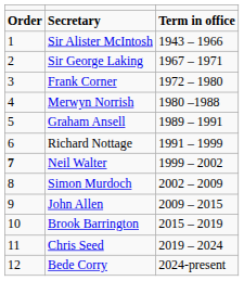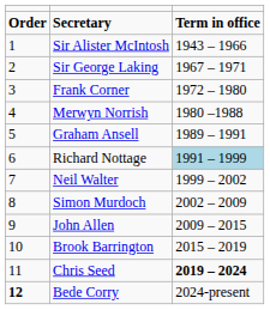 <table class="wikitable">
 <tr>
 <td></td>
 <td></td>
 <td></td>
 </tr>
 <tr>
 <td><strong>Order</strong></td>
 <td><strong>Secretary</strong></td>
 <td><strong>Term in office</strong></td>
 </tr>
 <tr>
 <td>1</td>
 <td><a href='#'>Sir Alister McIntosh</a></td>
 <td>1943 – 1966</td>
 </tr>
 <tr>
 <td>2</td>
 <td><a href='#'>Sir George Laking</a></td>
 <td>1967 – 1971</td>
 </tr>
 <tr>
 <td>3</td>
 <td><a href='#'>Frank Corner</a></td>
 <td>1972 – 1980</td>
 </tr>
 <tr>
 <td>4</td>
 <td><a href='#'>Merwyn Norrish</a></td>
 <td>1980 –1988</td>
 </tr>
 <tr>
 <td>5</td>
 <td><a href='#'>Graham Ansell</a></td>
 <td>1989 – 1991</td>
 </tr>
 <tr>
 <td>6</td>
 <td>Richard Nottage</td>
-<td>1991 – 1999</td>
+<td style="background: lightblue;">1991 – 1999</td>
 </tr>
 <tr>
-<td><strong>7</strong></td>
+<td>7</td>
 <td><a href='#'>Neil Walter</a></td>
 <td>1999 – 2002</td>
 </tr>
 <tr>
 <td>8</td>
 <td><a href='#'>Simon Murdoch</a></td>
 <td>2002 – 2009</td>
 </tr>
 <tr>
 <td>9</td>
 <td><a href='#'>John Allen</a></td>
 <td>2009 – 2015</td>
 </tr>
 <tr>
 <td>10</td>
 <td><a href='#'>Brook Barrington</a></td>
 <td>2015 – 2019</td>
 </tr>
 <tr>
 <td>11</td>
 <td><a href='#'>Chris Seed</a></td>
-<td>2019 – 2024</td>
+<td><strong>2019 – 2024</strong></td>
 </tr>
 <tr>
-<td>12</td>
+<td><strong>12</strong></td>
 <td><a href='#'>Bede Corry</a></td>
 <td>2024-present</td>
 </tr>
 </table>
